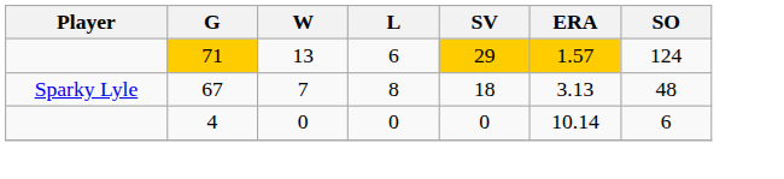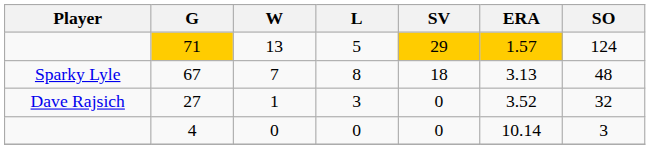 <table class="wikitable sortable">
 <tr>
 <th bgcolor="#DDDDFF" width="16%">Player</th>
 <th bgcolor="#DDDDFF" width="9%">G</th>
 <th bgcolor="#DDDDFF" width="9%">W</th>
 <th bgcolor="#DDDDFF" width="9%">L</th>
 <th bgcolor="#DDDDFF" width="9%">SV</th>
 <th bgcolor="#DDDDFF" width="9%">ERA</th>
 <th bgcolor="#DDDDFF" width="9%">SO</th>
 </tr>
 <tr align="center">
 <td></td>
 <td style="background:#fc0;">71</td>
 <td>13</td>
-<td>6</td>
+<td>5</td>
 <td style="background:#fc0;">29</td>
 <td style="background:#fc0;">1.57</td>
 <td>124</td>
 </tr>
 <tr align="center">
 <td><a href='#'>Sparky Lyle</a></td>
 <td>67</td>
 <td>7</td>
 <td>8</td>
 <td>18</td>
 <td>3.13</td>
 <td>48</td>
 </tr>
 <tr align="center">
+<td><a href='#'>Dave Rajsich</a></td>
+<td>27</td>
+<td>1</td>
+<td>3</td>
+<td>0</td>
+<td>3.52</td>
+<td>32</td>
+</tr>
+<tr align="center">
 <td></td>
 <td>4</td>
 <td>0</td>
 <td>0</td>
 <td>0</td>
 <td>10.14</td>
-<td>6</td>
+<td>3</td>
 </tr>
 <tr align="center">
 </tr>
 </table>
